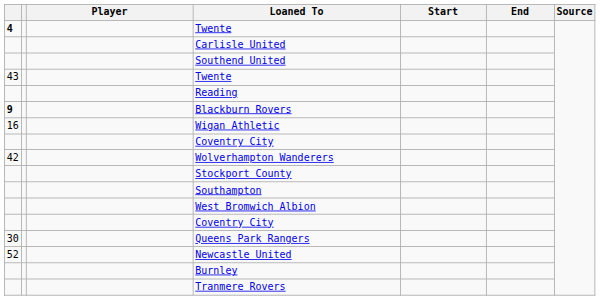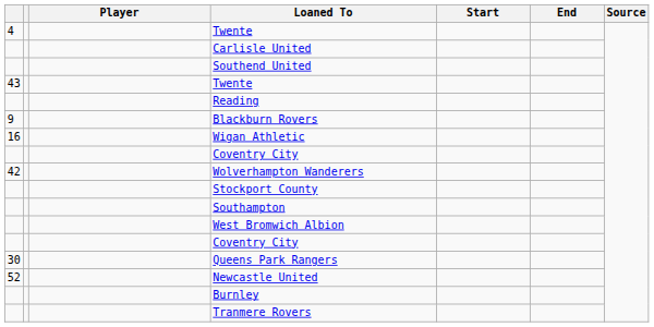 <table class="wikitable plainrowheaders sortable" style="font-size:95%">
 <tr>
 <th></th>
 <th></th>
 <th scope="col" style="width:200px;">Player</th>
 <th scope="col" style="width:250px;">Loaned To</th>
 <th scope="col" style="width:100px;">Start</th>
 <th scope="col" style="width:78px;">End</th>
 <th>Source</th>
 </tr>
 <tr>
-<td><strong>4</strong></td>
+<td>4</td>
 <td></td>
 <td></td>
 <td><a href='#'>Twente</a></td>
 <td></td>
 <td></td>
 </tr>
 <tr>
 <td></td>
 <td></td>
 <td></td>
 <td><a href='#'>Carlisle United</a></td>
 <td></td>
 <td></td>
 </tr>
 <tr>
 <td></td>
 <td></td>
 <td></td>
 <td><a href='#'>Southend United</a></td>
 <td></td>
 <td></td>
 </tr>
 <tr>
 <td>43</td>
 <td></td>
 <td></td>
 <td><a href='#'>Twente</a></td>
 <td></td>
 <td></td>
 </tr>
 <tr>
 <td></td>
 <td></td>
 <td></td>
 <td><a href='#'>Reading</a></td>
 <td></td>
 <td></td>
 </tr>
 <tr>
-<td><strong>9</strong></td>
+<td>9</td>
 <td></td>
 <td></td>
 <td><a href='#'>Blackburn Rovers</a></td>
 <td></td>
 <td></td>
 </tr>
 <tr>
 <td>16</td>
 <td></td>
 <td></td>
 <td><a href='#'>Wigan Athletic</a></td>
 <td></td>
 <td></td>
 </tr>
 <tr>
 <td></td>
 <td></td>
 <td></td>
 <td><a href='#'>Coventry City</a></td>
 <td></td>
 <td></td>
 </tr>
 <tr>
 <td>42</td>
 <td></td>
 <td></td>
 <td><a href='#'>Wolverhampton Wanderers</a></td>
 <td></td>
 <td></td>
 </tr>
 <tr>
 <td></td>
 <td></td>
 <td></td>
 <td><a href='#'>Stockport County</a></td>
 <td></td>
 <td></td>
 </tr>
 <tr>
 <td></td>
 <td></td>
 <td></td>
 <td><a href='#'>Southampton</a></td>
 <td></td>
 <td></td>
 </tr>
 <tr>
 <td></td>
 <td></td>
 <td></td>
 <td><a href='#'>West Bromwich Albion</a></td>
 <td></td>
 <td></td>
 </tr>
 <tr>
 <td></td>
 <td></td>
 <td></td>
 <td><a href='#'>Coventry City</a></td>
 <td></td>
 <td></td>
 </tr>
 <tr>
 <td>30</td>
 <td></td>
 <td></td>
 <td><a href='#'>Queens Park Rangers</a></td>
 <td></td>
 <td></td>
 </tr>
 <tr>
 <td>52</td>
 <td></td>
 <td></td>
 <td><a href='#'>Newcastle United</a></td>
 <td></td>
 <td></td>
 </tr>
 <tr>
 <td></td>
 <td></td>
 <td></td>
 <td><a href='#'>Burnley</a></td>
 <td></td>
 <td></td>
 </tr>
 <tr>
 <td></td>
 <td></td>
 <td></td>
 <td><a href='#'>Tranmere Rovers</a></td>
 <td></td>
 <td></td>
 </tr>
 </table>
